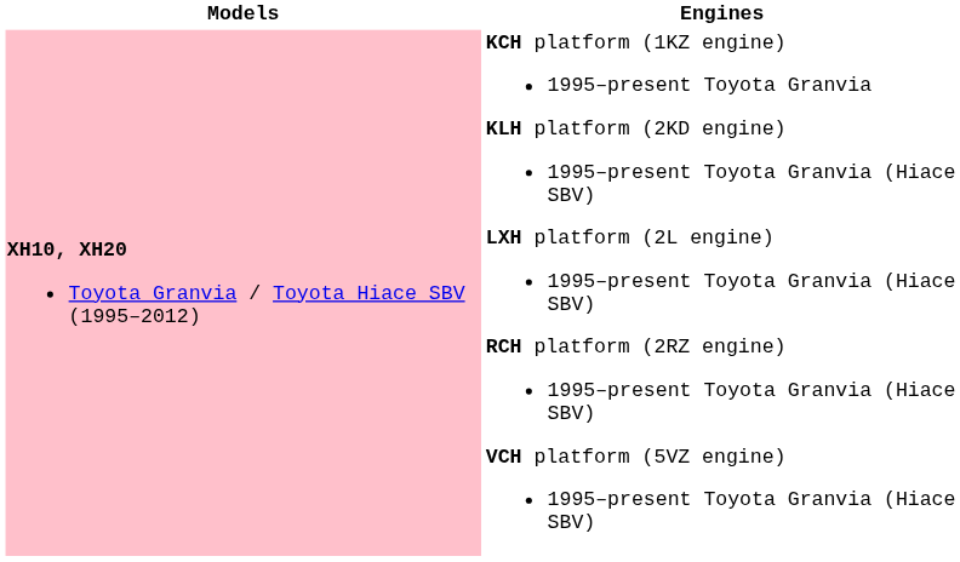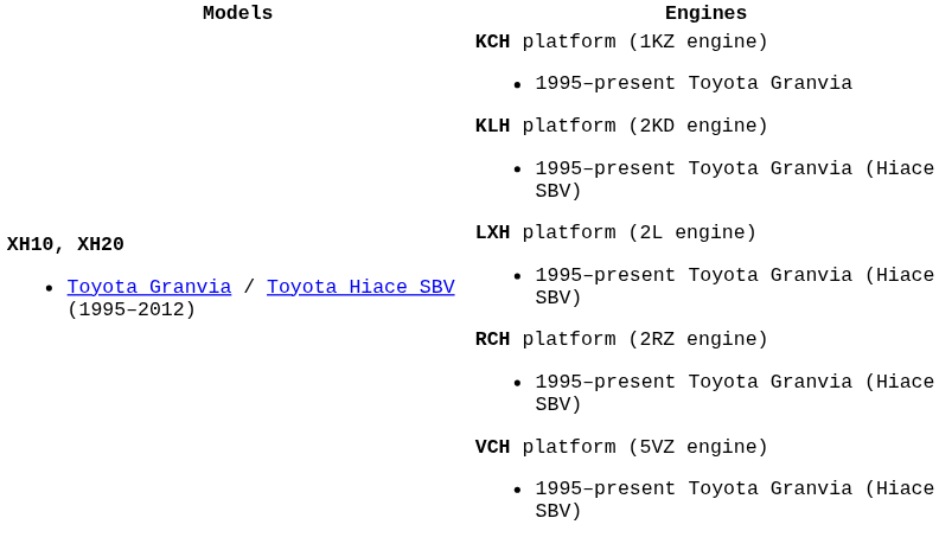 <table>
 <tr>
 <th style="width:50%">Models</th>
 <th>Engines</th>
 </tr>
 <tr>
-<td style="background: pink; width:50%"><strong>XH10, XH20</strong><br><ul><li><a href='#'>Toyota Granvia</a> / <a href='#'>Toyota Hiace SBV</a> (1995–2012)</li></ul></td>
+<td style="width:50%"><strong>XH10, XH20</strong><br><ul><li><a href='#'>Toyota Granvia</a> / <a href='#'>Toyota Hiace SBV</a> (1995–2012)</li></ul></td>
 <td style="width:50%"><strong>KCH</strong> platform (1KZ engine)<br><ul><li>1995–present Toyota Granvia</li></ul><strong>KLH</strong> platform (2KD engine)<ul><li>1995–present Toyota Granvia (Hiace SBV)</li></ul><strong>LXH</strong> platform (2L engine)<ul><li>1995–present Toyota Granvia (Hiace SBV)</li></ul><strong>RCH</strong> platform (2RZ engine)<ul><li>1995–present Toyota Granvia (Hiace SBV)</li></ul><strong>VCH</strong> platform (5VZ engine)<ul><li>1995–present Toyota Granvia (Hiace SBV)</li></ul></td>
 </tr>
 </table>
